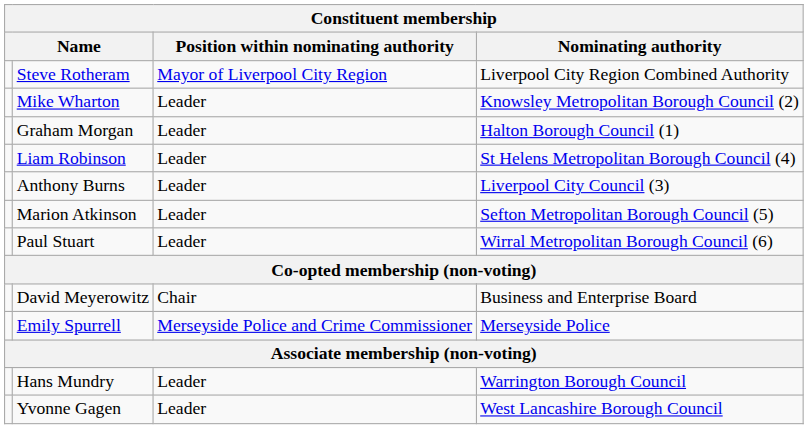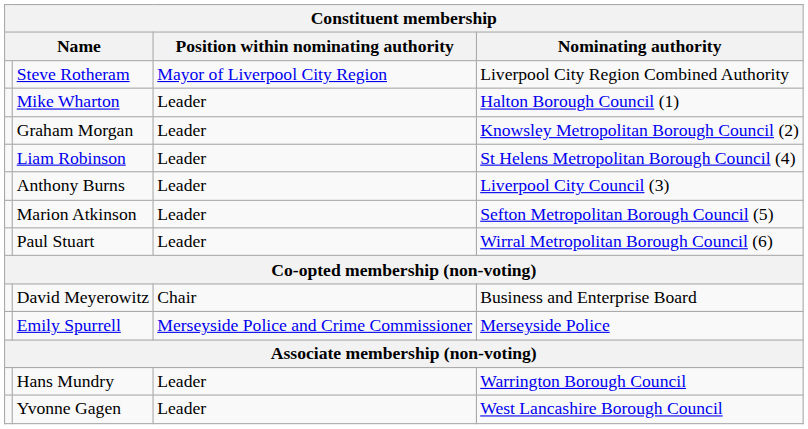 <table class="wikitable sortable">
 <tr>
 <th colspan=4>Constituent membership</th>
 </tr>
 <tr>
 <th colspan=2>Name</th>
 <th>Position within nominating authority</th>
 <th>Nominating authority</th>
 </tr>
 <tr>
 <td style="background:"></td>
 <td><a href='#'>Steve Rotheram</a></td>
 <td><a href='#'>Mayor of Liverpool City Region</a></td>
 <td>Liverpool City Region Combined Authority</td>
 </tr>
 <tr>
 <td style="background:"></td>
 <td><a href='#'>Mike Wharton</a></td>
 <td>Leader</td>
-<td><a href='#'>Knowsley Metropolitan Borough Council</a> (2)</td>
+<td><a href='#'>Halton Borough Council</a> (1)</td>
 </tr>
 <tr>
 <td style="background:"></td>
 <td>Graham Morgan</td>
 <td>Leader</td>
-<td><a href='#'>Halton Borough Council</a> (1)</td>
+<td><a href='#'>Knowsley Metropolitan Borough Council</a> (2)</td>
 </tr>
 <tr>
 <td style="background:"></td>
 <td><a href='#'>Liam Robinson</a></td>
 <td>Leader</td>
 <td><a href='#'>St Helens Metropolitan Borough Council</a> (4)</td>
 </tr>
 <tr>
 <td style="background:"></td>
 <td>Anthony Burns</td>
 <td>Leader</td>
 <td><a href='#'>Liverpool City Council</a> (3)</td>
 </tr>
 <tr>
 <td style="background:"></td>
 <td>Marion Atkinson</td>
 <td>Leader</td>
 <td><a href='#'>Sefton Metropolitan Borough Council</a> (5)</td>
 </tr>
 <tr>
 <td style="background:"></td>
 <td>Paul Stuart</td>
 <td>Leader</td>
 <td><a href='#'>Wirral Metropolitan Borough Council</a> (6)</td>
 </tr>
 <tr>
 <th colspan=4>Co-opted membership (non-voting)</th>
 </tr>
 <tr>
 <td></td>
 <td>David Meyerowitz</td>
 <td>Chair</td>
 <td>Business and Enterprise Board</td>
 </tr>
 <tr>
 <td style="background:"></td>
 <td><a href='#'>Emily Spurrell</a></td>
 <td><a href='#'>Merseyside Police and Crime Commissioner</a></td>
 <td><a href='#'>Merseyside Police</a></td>
 </tr>
 <tr>
 <th colspan="4">Associate membership (non-voting)</th>
 </tr>
 <tr>
 <td style="background:"></td>
 <td>Hans Mundry</td>
 <td>Leader</td>
 <td><a href='#'>Warrington Borough Council</a></td>
 </tr>
 <tr>
 <td style="background:"></td>
 <td>Yvonne Gagen</td>
 <td>Leader</td>
 <td><a href='#'>West Lancashire Borough Council</a></td>
 </tr>
 </table>
